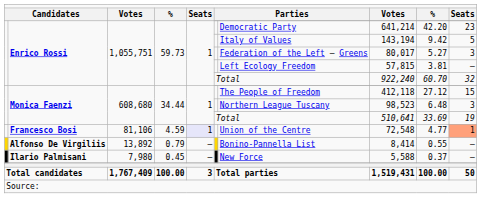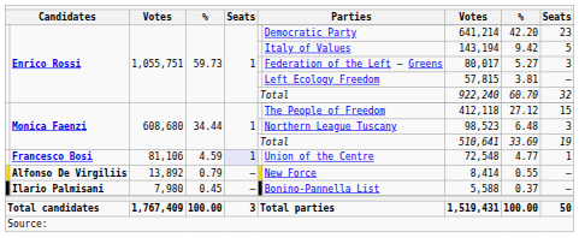 <table class="wikitable">
 <tr>
 <td colspan=10></td>
 </tr>
 <tr>
 <th colspan=2>Candidates</th>
 <th>Votes</th>
 <th>%</th>
 <th>Seats</th>
 <th colspan=2>Parties</th>
 <th>Votes</th>
 <th>%</th>
 <th>Seats</th>
 </tr>
 <tr>
 <td rowspan=6></td>
 <td rowspan=6><strong><a href='#'>Enrico Rossi</a></strong></td>
 <td rowspan=6 align=right>1,055,751</td>
 <td rowspan=6 align=right>59.73</td>
 <td rowspan=6 align=right>1</td>
 </tr>
 <tr>
 <td></td>
 <td align="left"><a href='#'>Democratic Party</a></td>
 <td align=right>641,214</td>
 <td align=right>42.20</td>
 <td align=right>23</td>
 </tr>
 <tr>
 <td></td>
 <td align="left"><a href='#'>Italy of Values</a></td>
 <td align=right>143,194</td>
 <td align=right>9.42</td>
 <td align=right>5</td>
 </tr>
 <tr>
 <td></td>
 <td align="left"><a href='#'>Federation of the Left</a> – <a href='#'>Greens</a></td>
 <td align=right>80,017</td>
 <td align=right>5.27</td>
 <td align=right>3</td>
 </tr>
 <tr>
 <td></td>
 <td align="left"><a href='#'>Left Ecology Freedom</a></td>
 <td align=right>57,815</td>
 <td align=right>3.81</td>
 <td align=right>–</td>
 </tr>
 <tr>
 <td colspan=2><em>Total</em></td>
 <td align=right><em>922,240</em></td>
 <td align=right><em>60.70</em></td>
 <td align=right><em>32</em></td>
 </tr>
 <tr>
 <td rowspan=4></td>
 <td rowspan=4><strong><a href='#'>Monica Faenzi</a></strong></td>
 <td rowspan=4 align=right>608,680</td>
 <td rowspan=4 align=right>34.44</td>
 <td rowspan=4 align=right>1</td>
 </tr>
 <tr>
 <td></td>
 <td align="left"><a href='#'>The People of Freedom</a></td>
 <td align=right>412,118</td>
 <td align=right>27.12</td>
 <td align=right>15</td>
 </tr>
 <tr>
 <td></td>
 <td align="left"><a href='#'>Northern League Tuscany</a></td>
 <td align=right>98,523</td>
 <td align=right>6.48</td>
 <td align=right>3</td>
 </tr>
 <tr>
 <td colspan=2><em>Total</em></td>
 <td align=right><em>510,641</em></td>
 <td align=right><em>33.69</em></td>
 <td align=right><em>19</em></td>
 </tr>
 <tr>
 <td></td>
 <td><strong><a href='#'>Francesco Bosi</a></strong></td>
 <td align=right>81,106</td>
 <td align=right>4.59</td>
 <td align=right style="background: lavender;">1</td>
 <td></td>
 <td align="left"><a href='#'>Union of the Centre</a></td>
 <td align=right>72,548</td>
 <td align=right>4.77</td>
-<td align=right style="background: lightsalmon;">1</td>
+<td align=right>1</td>
 </tr>
 <tr>
 <td bgcolor="gold"></td>
 <td><strong>Alfonso De Virgiliis</strong></td>
 <td align=right>13,892</td>
 <td align=right>0.79</td>
 <td align=right>–</td>
 <td bgcolor="gold"></td>
-<td align="left"><a href='#'>Bonino-Pannella List</a></td>
+<td align="left"><a href='#'>New Force</a></td>
 <td align=right>8,414</td>
 <td align=right>0.55</td>
 <td align=right>–</td>
 </tr>
 <tr>
 <td bgcolor="black"></td>
 <td><strong>Ilario Palmisani</strong></td>
 <td align=right>7,980</td>
 <td align=right>0.45</td>
 <td align=right>–</td>
 <td bgcolor="black"></td>
-<td align="left"><a href='#'>New Force</a></td>
+<td align="left"><a href='#'>Bonino-Pannella List</a></td>
 <td align=right>5,588</td>
 <td align=right>0.37</td>
 <td align=right>–</td>
 </tr>
 <tr>
 </tr>
 <tr>
 <th colspan=10></th>
 </tr>
 <tr>
 <td colspan=2><strong>Total candidates</strong></td>
 <td align=right><strong>1,767,409</strong></td>
 <td align=right><strong>100.00</strong></td>
 <td align=right><strong>3</strong></td>
 <td colspan=2><strong>Total parties</strong></td>
 <td align=right><strong>1,519,431</strong></td>
 <td align=right><strong>100.00</strong></td>
 <td align=right><strong>50</strong></td>
 </tr>
 <tr>
 <td colspan=10>Source: </td>
 </tr>
 </table>
